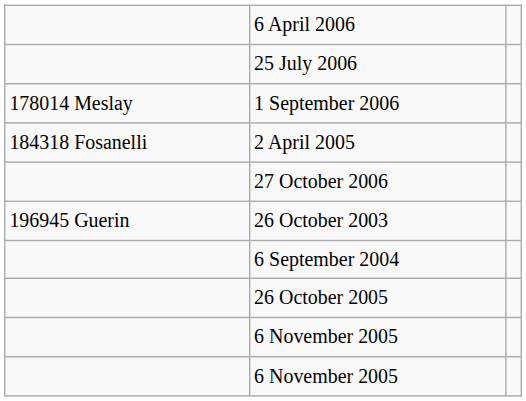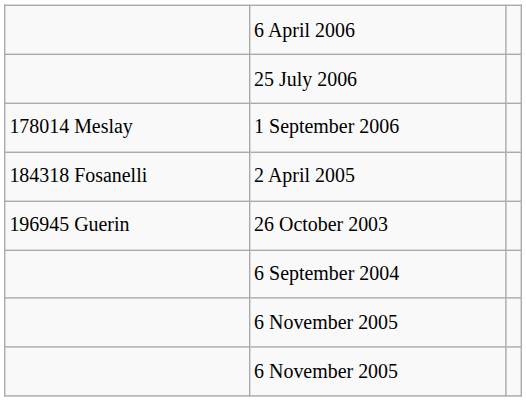 <table class="wikitable" style="font-size: 89%; float: left; width: 26em; margin-right: 1em; height: 280px;">
 <tr>
 <td></td>
 <td>6 April 2006</td>
 <td></td>
 </tr>
 <tr>
 <td></td>
 <td>25 July 2006</td>
 <td></td>
 </tr>
 <tr>
 <td>178014 Meslay</td>
 <td>1 September 2006</td>
 <td></td>
 </tr>
 <tr>
 <td>184318 Fosanelli</td>
 <td>2 April 2005</td>
 <td></td>
 </tr>
 <tr>
-<td></td>
-<td>27 October 2006</td>
-<td></td>
-</tr>
-<tr>
 <td>196945 Guerin</td>
 <td>26 October 2003</td>
 <td></td>
 </tr>
 <tr>
 <td></td>
 <td>6 September 2004</td>
-<td></td>
-</tr>
-<tr>
-<td></td>
-<td>26 October 2005</td>
 <td></td>
 </tr>
 <tr>
 <td></td>
 <td>6 November 2005</td>
 <td></td>
 </tr>
 <tr>
 <td></td>
 <td>6 November 2005</td>
 <td></td>
 </tr>
 </table>
